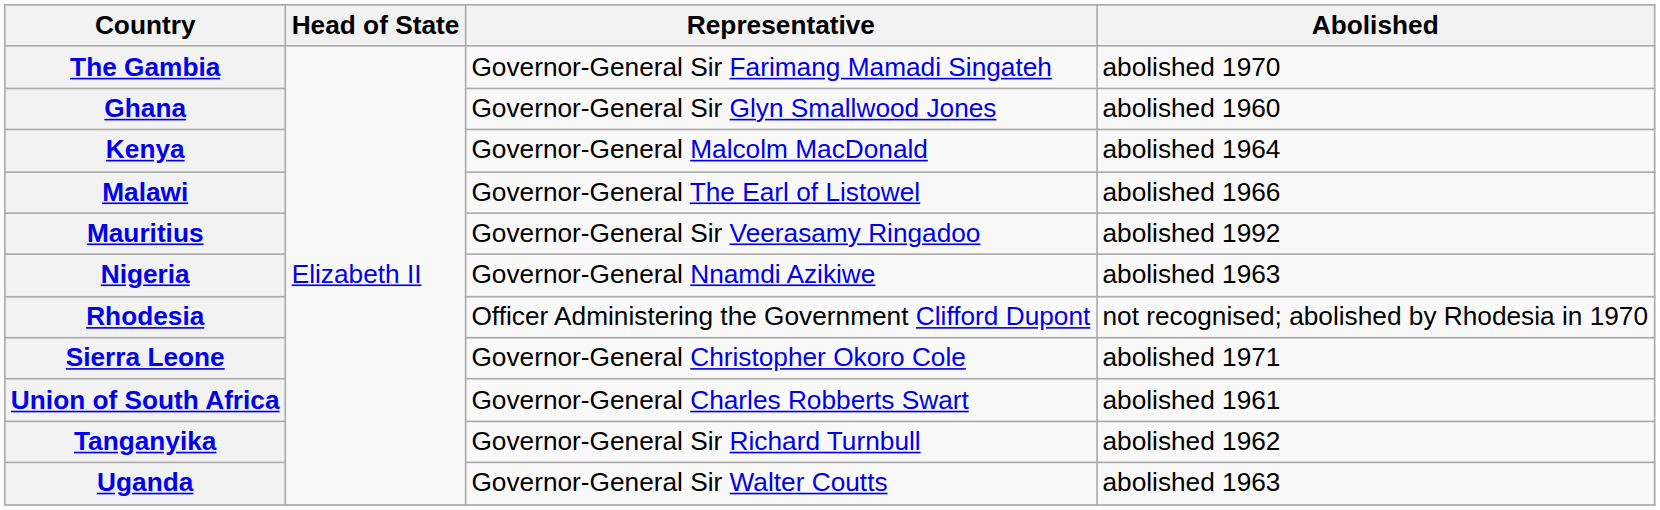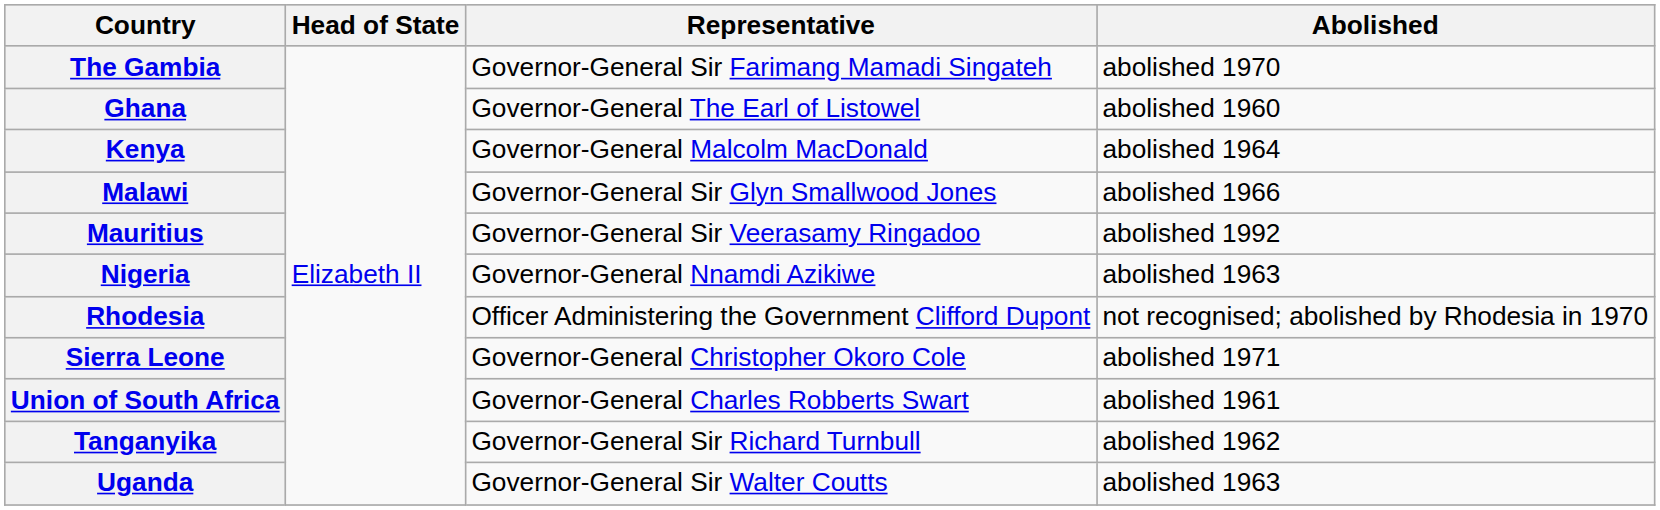 <table class="wikitable sortable plainrowheaders">
 <tr>
 <th scope="col">Country</th>
 <th scope="col">Head of State</th>
 <th scope="col">Representative</th>
 <th scope="col">Abolished</th>
 </tr>
 <tr>
 <th scope="row"><a href='#'>The Gambia</a></th>
 <td rowspan=11><a href='#'>Elizabeth&nbsp;II</a></td>
 <td>Governor-General Sir <a href='#'>Farimang Mamadi Singateh</a></td>
 <td>abolished 1970</td>
 </tr>
 <tr>
 <th scope="row"><a href='#'>Ghana</a></th>
-<td>Governor-General Sir <a href='#'>Glyn Smallwood Jones</a></td>
+<td>Governor-General <a href='#'>The Earl of Listowel</a></td>
 <td>abolished 1960</td>
 </tr>
 <tr>
 <th scope="row"><a href='#'>Kenya</a></th>
 <td>Governor-General <a href='#'>Malcolm MacDonald</a></td>
 <td>abolished 1964</td>
 </tr>
 <tr>
 <th scope="row"><a href='#'>Malawi</a></th>
-<td>Governor-General <a href='#'>The Earl of Listowel</a></td>
+<td>Governor-General Sir <a href='#'>Glyn Smallwood Jones</a></td>
 <td>abolished 1966</td>
 </tr>
 <tr>
 <th scope="row"><a href='#'>Mauritius</a></th>
 <td>Governor-General Sir <a href='#'>Veerasamy Ringadoo</a></td>
 <td>abolished 1992</td>
 </tr>
 <tr>
 <th scope="row"><a href='#'>Nigeria</a></th>
 <td>Governor-General <a href='#'>Nnamdi Azikiwe</a></td>
 <td>abolished 1963</td>
 </tr>
 <tr>
 <th scope="row"><a href='#'>Rhodesia</a></th>
 <td>Officer Administering the Government <a href='#'>Clifford Dupont</a></td>
 <td>not recognised; abolished by Rhodesia in 1970</td>
 </tr>
 <tr>
 <th scope="row"><a href='#'>Sierra Leone</a></th>
 <td>Governor-General <a href='#'>Christopher Okoro Cole</a></td>
 <td>abolished 1971</td>
 </tr>
 <tr>
 <th scope="row"><a href='#'>Union of South Africa</a></th>
 <td>Governor-General <a href='#'>Charles Robberts Swart</a></td>
 <td>abolished 1961</td>
 </tr>
 <tr>
 <th scope="row"><a href='#'>Tanganyika</a></th>
 <td>Governor-General Sir <a href='#'>Richard Turnbull</a></td>
 <td>abolished 1962</td>
 </tr>
 <tr>
 <th scope="row"><a href='#'>Uganda</a></th>
 <td>Governor-General Sir <a href='#'>Walter Coutts</a></td>
 <td>abolished 1963</td>
 </tr>
 </table>
